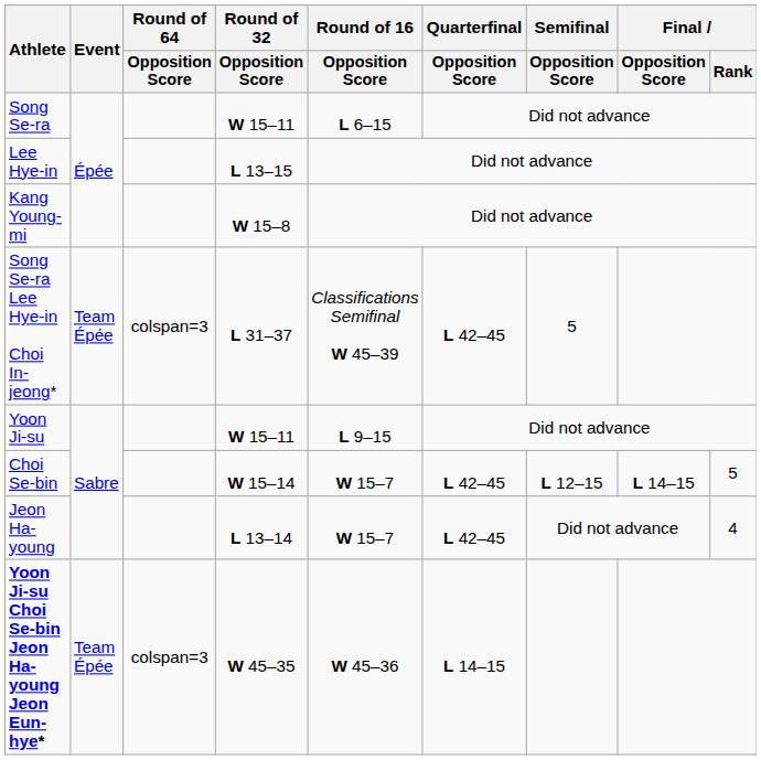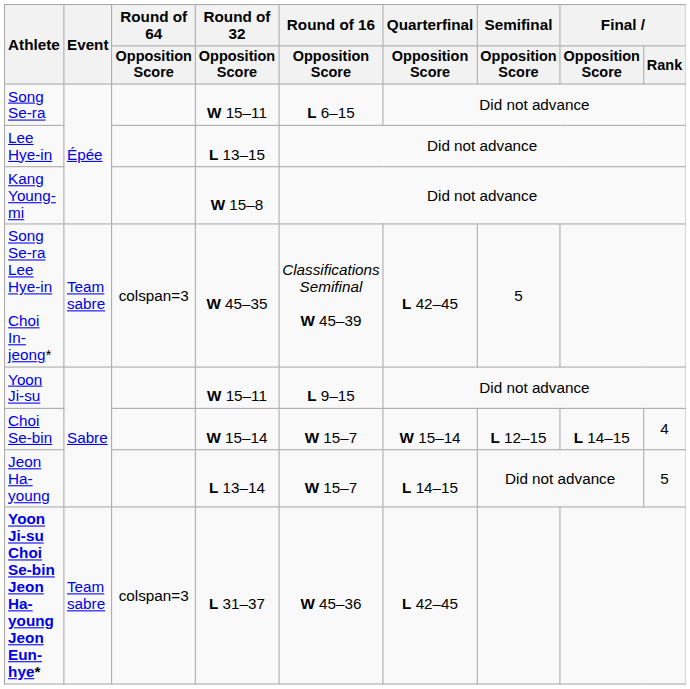 <table class="wikitable" style="font-size:90%">
 <tr>
 <th rowspan="2">Athlete</th>
 <th rowspan="2">Event</th>
 <th>Round of 64</th>
 <th>Round of 32</th>
 <th>Round of 16</th>
 <th>Quarterfinal</th>
 <th>Semifinal</th>
 <th colspan=2>Final / </th>
 </tr>
 <tr style="font-size:95%">
 <th>Opposition <br> Score</th>
 <th>Opposition <br> Score</th>
 <th>Opposition <br> Score</th>
 <th>Opposition <br> Score</th>
 <th>Opposition <br> Score</th>
 <th>Opposition <br> Score</th>
 <th>Rank</th>
 </tr>
 <tr align=center>
 <td align=left><a href='#'>Song Se-ra</a></td>
 <td align=left rowspan=3><a href='#'>Épée</a></td>
 <td></td>
 <td><br><strong>W</strong> 15–11</td>
 <td><br><strong>L</strong> 6–15</td>
 <td colspan=4>Did not advance</td>
 </tr>
 <tr align=center>
 <td align=left><a href='#'>Lee Hye-in</a></td>
 <td></td>
 <td><br><strong>L</strong> 13–15</td>
 <td colspan=5>Did not advance</td>
 </tr>
 <tr align=center>
 <td align=left><a href='#'>Kang Young-mi</a></td>
 <td></td>
 <td><br><strong>W</strong> 15–8</td>
 <td colspan=5>Did not advance</td>
 </tr>
 <tr align=center>
 <td align=left><a href='#'>Song Se-ra</a><br><a href='#'>Lee Hye-in</a><br><br><a href='#'>Choi In-jeong</a>*</td>
-<td align=left><a href='#'>Team Épée</a></td>
+<td align=left><a href='#'>Team sabre</a></td>
 <td>colspan=3 </td>
-<td><br><strong>L</strong> 31–37</td>
+<td><br><strong>W</strong> 45–35</td>
 <td><em>Classifications Semifinal</em><br><br><strong>W</strong> 45–39</td>
 <td><br><strong>L</strong> 42–45</td>
 <td>5</td>
 </tr>
 <tr align=center>
 <td align=left><a href='#'>Yoon Ji-su</a></td>
 <td align=left rowspan=3><a href='#'>Sabre</a></td>
 <td></td>
 <td><br><strong>W</strong> 15–11</td>
 <td><br><strong>L</strong> 9–15</td>
 <td colspan=4>Did not advance</td>
 </tr>
 <tr align=center>
 <td align=left><a href='#'>Choi Se-bin</a></td>
 <td></td>
 <td><br><strong>W</strong> 15–14</td>
 <td><br><strong>W</strong> 15–7</td>
-<td><br><strong>L</strong> 42–45</td>
+<td><br><strong>W</strong> 15–14</td>
 <td><br><strong>L</strong> 12–15</td>
 <td><br><strong>L</strong> 14–15</td>
-<td>5</td>
+<td>4</td>
 </tr>
 <tr align=center>
 <td align=left><a href='#'>Jeon Ha-young</a></td>
 <td></td>
 <td><br><strong>L</strong> 13–14</td>
 <td><br><strong>W</strong> 15–7</td>
-<td><br><strong>L</strong> 42–45</td>
+<td><br><strong>L</strong> 14–15</td>
 <td colspan=2>Did not advance</td>
-<td>4</td>
+<td>5</td>
 </tr>
 <tr align=center>
 <td align=left><strong><a href='#'>Yoon Ji-su</a><br><a href='#'>Choi Se-bin</a><br><a href='#'>Jeon Ha-young</a><br><a href='#'>Jeon Eun-hye</a>*</strong></td>
-<td align=left><a href='#'>Team Épée</a></td>
+<td align=left><a href='#'>Team sabre</a></td>
 <td>colspan=3 </td>
-<td><br><strong>W</strong> 45–35</td>
+<td><br><strong>L</strong> 31–37</td>
 <td><br><strong>W</strong> 45–36</td>
-<td><br><strong>L</strong> 14–15</td>
+<td><br><strong>L</strong> 42–45</td>
 <td></td>
 </tr>
 </table>
